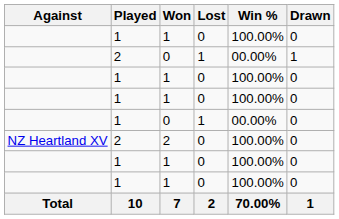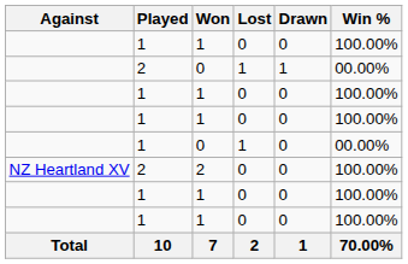 <table class="sortable wikitable" style="font-size:90%">
 <tr>
 <th>Against</th>
 <th>Played</th>
 <th>Won</th>
 <th>Lost</th>
+<th>Drawn</th>
 <th>Win %</th>
-<th>Drawn</th>
 </tr>
 <tr>
 <td></td>
 <td>1</td>
 <td>1</td>
 <td>0</td>
+<td>0</td>
 <td>100.00%</td>
-<td>0</td>
 </tr>
 <tr>
 <td></td>
 <td>2</td>
 <td>0</td>
 <td>1</td>
+<td>1</td>
 <td>00.00%</td>
-<td>1</td>
 </tr>
 <tr>
 <td></td>
 <td>1</td>
 <td>1</td>
 <td>0</td>
+<td>0</td>
 <td>100.00%</td>
-<td>0</td>
 </tr>
 <tr>
 <td></td>
 <td>1</td>
 <td>1</td>
 <td>0</td>
+<td>0</td>
 <td>100.00%</td>
-<td>0</td>
 </tr>
 <tr>
 <td></td>
 <td>1</td>
 <td>0</td>
 <td>1</td>
+<td>0</td>
 <td>00.00%</td>
-<td>0</td>
 </tr>
 <tr>
 <td> <a href='#'>NZ Heartland XV</a></td>
 <td>2</td>
 <td>2</td>
 <td>0</td>
+<td>0</td>
 <td>100.00%</td>
-<td>0</td>
 </tr>
 <tr>
 <td></td>
 <td>1</td>
 <td>1</td>
 <td>0</td>
+<td>0</td>
 <td>100.00%</td>
-<td>0</td>
 </tr>
 <tr>
 <td></td>
 <td>1</td>
 <td>1</td>
 <td>0</td>
+<td>0</td>
 <td>100.00%</td>
-<td>0</td>
 </tr>
 <tr>
 <th>Total</th>
 <th>10</th>
 <th>7</th>
 <th>2</th>
+<th>1</th>
 <th>70.00%</th>
-<th>1</th>
 </tr>
 </table>
